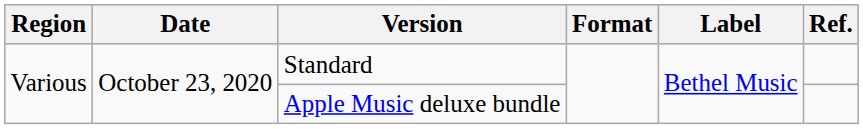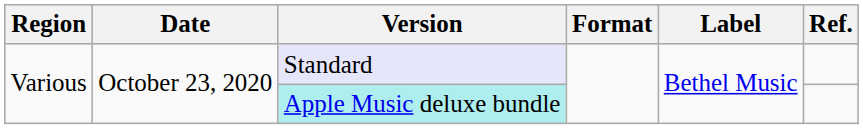 <table class="wikitable plainrowheaders">
 <tr>
 <th scope="col">Region</th>
 <th scope="col">Date</th>
 <th scope="col">Version</th>
 <th scope="col">Format</th>
 <th scope="col">Label</th>
 <th scope="col">Ref.</th>
 </tr>
 <tr>
 <td rowspan="2">Various</td>
 <td rowspan="2">October 23, 2020</td>
-<td>Standard</td>
+<td style="background: lavender;">Standard</td>
 <td rowspan="2"></td>
 <td rowspan="2"><a href='#'>Bethel Music</a></td>
 <td></td>
 </tr>
 <tr>
-<td><a href='#'>Apple Music</a> deluxe bundle</td>
+<td style="background: paleturquoise;"><a href='#'>Apple Music</a> deluxe bundle</td>
 <td></td>
 </tr>
 </table>
